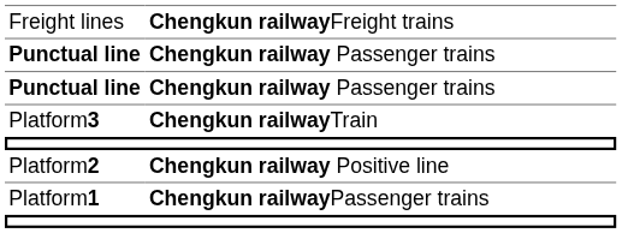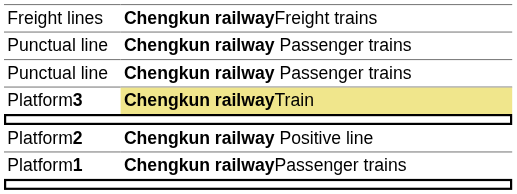 <table table border=0 cellspacing=0 cellpadding=3>
 <tr>
 <td style="border-top:solid 1px gray;border-bottom:solid 1px gray;" width=100>Freight lines</td>
 <td style="border-top:solid 1px gray;border-bottom:solid 1px gray;" width=350><strong><span>Chengkun railway</span></strong>Freight trains</td>
 </tr>
 <tr>
-<td style="border-bottom:solid 1px gray;"><strong>Punctual line</strong></td>
+<td style="border-bottom:solid 1px gray;">Punctual line</td>
 <td style="border-bottom:solid 1px gray;"><strong><span>Chengkun railway</span></strong> Passenger trains</td>
 </tr>
 <tr>
-<td style="border-bottom:solid 1px gray;"><strong>Punctual line</strong></td>
+<td style="border-bottom:solid 1px gray;">Punctual line</td>
 <td style="border-bottom:solid 1px gray;"><strong><span>Chengkun railway</span></strong> Passenger trains</td>
 </tr>
 <tr>
 <td>Platform<strong>3</strong></td>
-<td><strong><span>Chengkun railway</span></strong>Train</td>
+<td style="background: khaki;"><strong><span>Chengkun railway</span></strong>Train</td>
 </tr>
 <tr>
 <td style="border-top:solid 2px black;border-right:solid 2px black;border-left:solid 2px black;border-bottom:solid 2px black;" width=300 colspan=2></td>
 </tr>
 <tr>
 <td style="border-bottom:solid 1px gray;">Platform<strong>2</strong></td>
 <td style="border-bottom:solid 1px gray;"><strong><span>Chengkun railway</span></strong> Positive line</td>
 </tr>
 <tr>
 <td>Platform<strong>1</strong></td>
 <td><strong><span>Chengkun railway</span></strong>Passenger trains</td>
 </tr>
 <tr>
 <td style="border-top:solid 2px black;border-right:solid 2px black;border-left:solid 2px black;border-bottom:solid 2px black;" colspan=2></td>
 </tr>
 </table>
